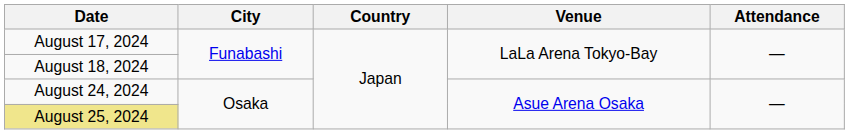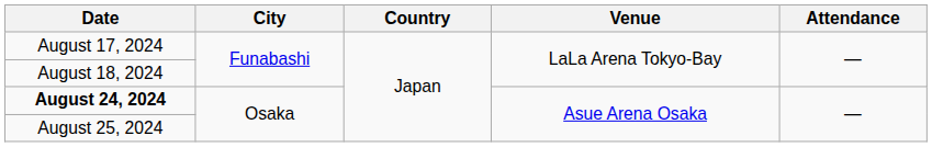 <table class="wikitable" style="text-align:center;">
 <tr>
 <th width="170">Date</th>
 <th width="130">City</th>
 <th width="130">Country</th>
 <th width="260">Venue</th>
 <th width="130">Attendance</th>
 </tr>
 <tr>
 <td>August 17, 2024</td>
 <td rowspan="2"><a href='#'>Funabashi</a></td>
 <td rowspan="4">Japan</td>
 <td rowspan="2">LaLa Arena Tokyo-Bay</td>
 <td rowspan="2">—</td>
 </tr>
 <tr>
 <td>August 18, 2024</td>
 </tr>
 <tr>
-<td>August 24, 2024</td>
+<td><strong>August 24, 2024</strong></td>
 <td rowspan="2">Osaka</td>
 <td rowspan="2"><a href='#'>Asue Arena Osaka</a></td>
 <td rowspan="2">—</td>
 </tr>
 <tr>
-<td style="background: khaki;">August 25, 2024</td>
+<td>August 25, 2024</td>
 </tr>
 </table>
